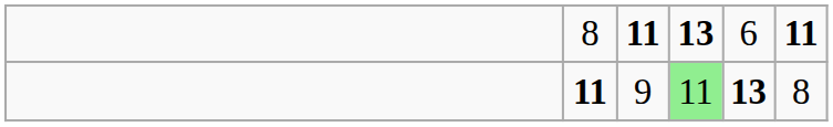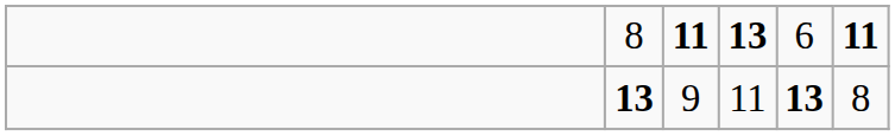 <table class="wikitable">
 <tr>
 <td style="width:15em"></td>
 <td align=center style="width:1em">8</td>
 <td align=center style="width:1em"><strong>11</strong></td>
 <td align=center style="width:1em"><strong>13</strong></td>
 <td align=center style="width:1em">6</td>
 <td align=center style="width:1em"><strong>11</strong></td>
 </tr>
 <tr>
 <td style="width:15em"></td>
-<td align=center style="width:1em"><strong>11</strong></td>
+<td align=center style="width:1em"><strong>13</strong></td>
 <td align=center style="width:1em">9</td>
-<td align=center style="background: lightgreen; width:1em">11</td>
+<td align=center style="width:1em">11</td>
 <td align=center style="width:1em"><strong>13</strong></td>
 <td align=center style="width:1em">8</td>
 </tr>
 </table>
